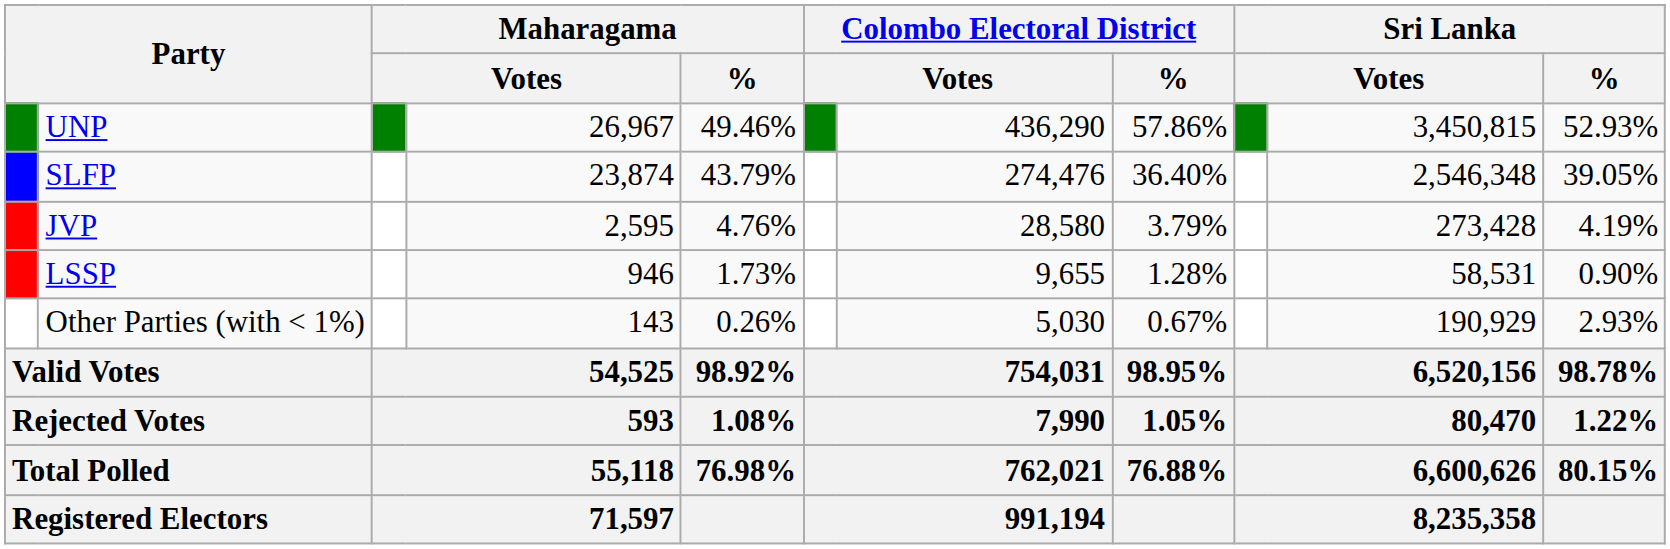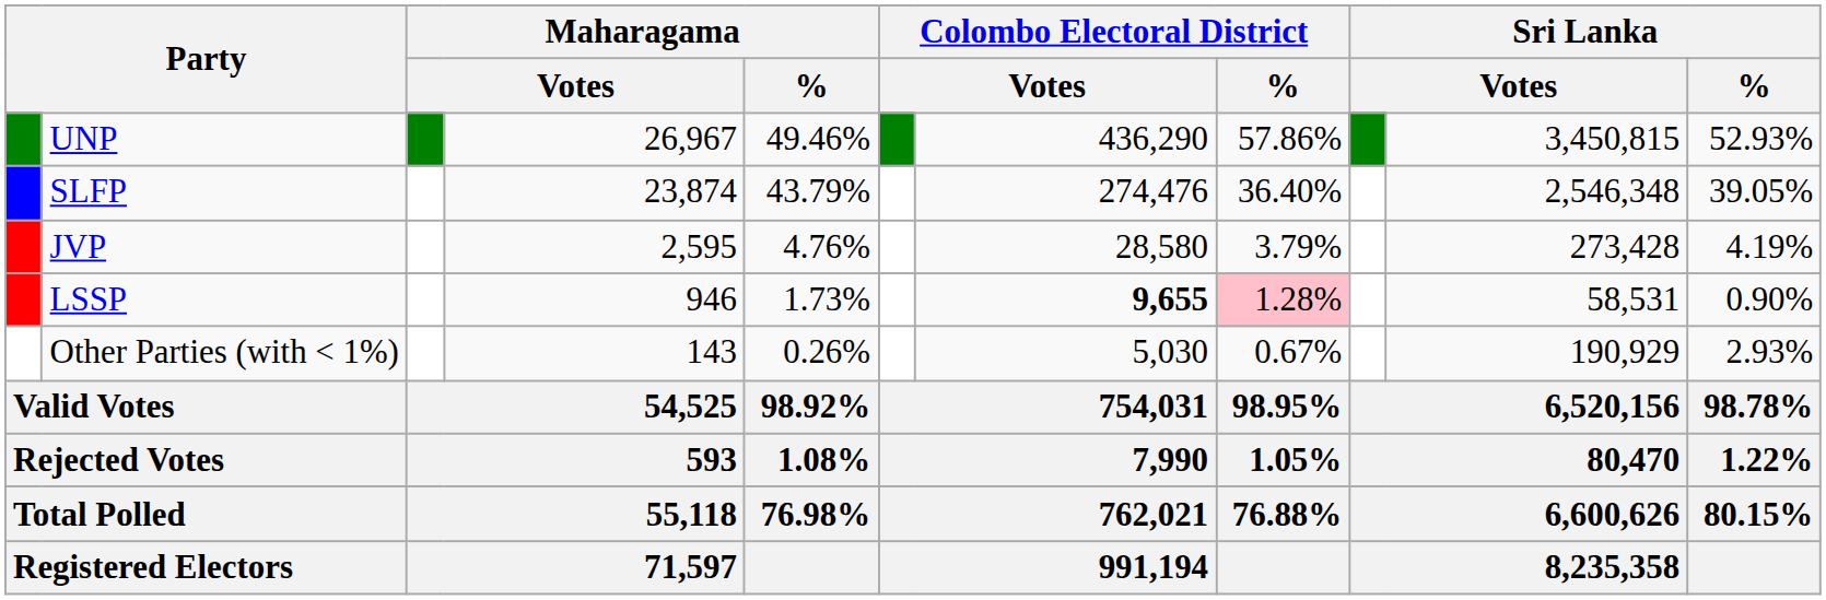 <table class="wikitable">
 <tr>
 <th colspan="2" width="144px"rowspan="2">Party</th>
 <th colspan="3" width="216px">Maharagama</th>
 <th colspan="3" width="216px"><a href='#'>Colombo Electoral District</a></th>
 <th colspan="3" width="216px">Sri Lanka</th>
 </tr>
 <tr>
 <th colspan="2" width="144px">Votes</th>
 <th>%</th>
 <th colspan="2" width="144px">Votes</th>
 <th>%</th>
 <th colspan="2" width="144px">Votes</th>
 <th>%</th>
 </tr>
 <tr>
 <td style="background-color:green;" width="10px"></td>
 <td style="text-align:left;"><a href='#'>UNP</a></td>
 <td style="background-color:green;" width="10px"></td>
 <td style="text-align:right;">26,967</td>
 <td style="text-align:right;">49.46%</td>
 <td style="background-color:green;" width="10px"></td>
 <td style="text-align:right;">436,290</td>
 <td style="text-align:right;">57.86%</td>
 <td style="background-color:green;" width="10px"></td>
 <td style="text-align:right;">3,450,815</td>
 <td style="text-align:right;">52.93%</td>
 </tr>
 <tr>
 <td style="background-color:blue;" width="10px"></td>
 <td style="text-align:left;"><a href='#'>SLFP</a></td>
 <td style="background-color:white;" width="10px"></td>
 <td style="text-align:right;">23,874</td>
 <td style="text-align:right;">43.79%</td>
 <td style="background-color:white;" width="10px"></td>
 <td style="text-align:right;">274,476</td>
 <td style="text-align:right;">36.40%</td>
 <td style="background-color:white;" width="10px"></td>
 <td style="text-align:right;">2,546,348</td>
 <td style="text-align:right;">39.05%</td>
 </tr>
 <tr>
 <td style="background-color:red;" width="10px"></td>
 <td style="text-align:left;"><a href='#'>JVP</a></td>
 <td style="background-color:white;" width="10px"></td>
 <td style="text-align:right;">2,595</td>
 <td style="text-align:right;">4.76%</td>
 <td style="background-color:white;" width="10px"></td>
 <td style="text-align:right;">28,580</td>
 <td style="text-align:right;">3.79%</td>
 <td style="background-color:white;" width="10px"></td>
 <td style="text-align:right;">273,428</td>
 <td style="text-align:right;">4.19%</td>
 </tr>
 <tr>
 <td style="background-color:red;" width="10px"></td>
 <td style="text-align:left;"><a href='#'>LSSP</a></td>
 <td style="background-color:white;" width="10px"></td>
 <td style="text-align:right;">946</td>
 <td style="text-align:right;">1.73%</td>
 <td style="background-color:white;" width="10px"></td>
-<td style="text-align:right;">9,655</td>
-<td style="text-align:right;">1.28%</td>
+<td style="text-align:right;"><strong>9,655</strong></td>
+<td style="background: pink; text-align:right;">1.28%</td>
 <td style="background-color:white;" width="10px"></td>
 <td style="text-align:right;">58,531</td>
 <td style="text-align:right;">0.90%</td>
 </tr>
 <tr>
 <td style="background-color:white;" width="10px"></td>
 <td style="text-align:left;">Other Parties (with < 1%)</td>
 <td style="background-color:white;" width="10px"></td>
 <td style="text-align:right;">143</td>
 <td style="text-align:right;">0.26%</td>
 <td style="background-color:white;" width="10px"></td>
 <td style="text-align:right;">5,030</td>
 <td style="text-align:right;">0.67%</td>
 <td style="background-color:white;" width="10px"></td>
 <td style="text-align:right;">190,929</td>
 <td style="text-align:right;">2.93%</td>
 </tr>
 <tr>
 <th colspan="2" width="144px"style="text-align:left;">Valid Votes</th>
 <th style="text-align:right;"colspan="2" width="144px">54,525</th>
 <th style="text-align:right;">98.92%</th>
 <th style="text-align:right;"colspan="2" width="144px">754,031</th>
 <th style="text-align:right;">98.95%</th>
 <th style="text-align:right;"colspan="2" width="144px">6,520,156</th>
 <th style="text-align:right;">98.78%</th>
 </tr>
 <tr>
 <th colspan="2" width="144px"style="text-align:left;">Rejected Votes</th>
 <th style="text-align:right;"colspan="2" width="144px">593</th>
 <th style="text-align:right;">1.08%</th>
 <th style="text-align:right;"colspan="2" width="144px">7,990</th>
 <th style="text-align:right;">1.05%</th>
 <th style="text-align:right;"colspan="2" width="144px">80,470</th>
 <th style="text-align:right;">1.22%</th>
 </tr>
 <tr>
 <th colspan="2" width="144px"style="text-align:left;">Total Polled</th>
 <th style="text-align:right;"colspan="2" width="144px">55,118</th>
 <th style="text-align:right;">76.98%</th>
 <th style="text-align:right;"colspan="2" width="144px">762,021</th>
 <th style="text-align:right;">76.88%</th>
 <th style="text-align:right;"colspan="2" width="144px">6,600,626</th>
 <th style="text-align:right;">80.15%</th>
 </tr>
 <tr>
 <th colspan="2" width="144px"style="text-align:left;">Registered Electors</th>
 <th style="text-align:right;"colspan="2" width="144px">71,597</th>
 <th></th>
 <th style="text-align:right;"colspan="2" width="144px">991,194</th>
 <th></th>
 <th style="text-align:right;"colspan="2" width="144px">8,235,358</th>
 <th></th>
 </tr>
 </table>
